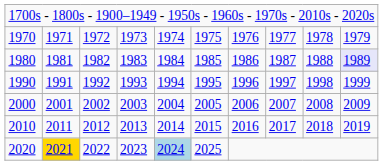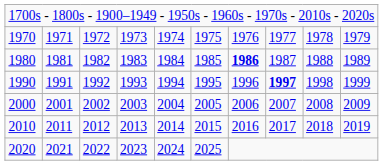 <table class="wikitable" style="margin: 1em auto 1em auto; font-size:95%">
 <tr>
 <td Colspan=10><a href='#'>1700s</a> - <a href='#'>1800s</a> - <a href='#'>1900–1949</a> - <a href='#'>1950s</a> - <a href='#'>1960s</a>  - <a href='#'>1970s</a> - <a href='#'>2010s</a> - <a href='#'>2020s</a></td>
 </tr>
 <tr>
 <td><a href='#'>1970</a></td>
 <td><a href='#'>1971</a></td>
 <td><a href='#'>1972</a></td>
 <td><a href='#'>1973</a></td>
 <td><a href='#'>1974</a></td>
 <td><a href='#'>1975</a></td>
 <td><a href='#'>1976</a></td>
 <td><a href='#'>1977</a></td>
 <td><a href='#'>1978</a></td>
 <td><a href='#'>1979</a></td>
 </tr>
 <tr>
 <td><a href='#'>1980</a></td>
 <td><a href='#'>1981</a></td>
 <td><a href='#'>1982</a></td>
 <td><a href='#'>1983</a></td>
 <td><a href='#'>1984</a></td>
 <td><a href='#'>1985</a></td>
-<td><a href='#'>1986</a></td>
+<td><strong><a href='#'>1986</a></strong></td>
 <td><a href='#'>1987</a></td>
 <td><a href='#'>1988</a></td>
-<td style="background: lavender;"><a href='#'>1989</a></td>
+<td><a href='#'>1989</a></td>
 </tr>
 <tr>
 <td><a href='#'>1990</a></td>
 <td><a href='#'>1991</a></td>
 <td><a href='#'>1992</a></td>
 <td><a href='#'>1993</a></td>
 <td><a href='#'>1994</a></td>
 <td><a href='#'>1995</a></td>
 <td><a href='#'>1996</a></td>
-<td><a href='#'>1997</a></td>
+<td><strong><a href='#'>1997</a></strong></td>
 <td><a href='#'>1998</a></td>
 <td><a href='#'>1999</a></td>
 </tr>
 <tr>
 <td><a href='#'>2000</a></td>
 <td><a href='#'>2001</a></td>
 <td><a href='#'>2002</a></td>
 <td><a href='#'>2003</a></td>
 <td><a href='#'>2004</a></td>
 <td><a href='#'>2005</a></td>
 <td><a href='#'>2006</a></td>
 <td><a href='#'>2007</a></td>
 <td><a href='#'>2008</a></td>
 <td><a href='#'>2009</a></td>
 </tr>
 <tr>
 <td><a href='#'>2010</a></td>
 <td><a href='#'>2011</a></td>
 <td><a href='#'>2012</a></td>
 <td><a href='#'>2013</a></td>
 <td><a href='#'>2014</a></td>
 <td><a href='#'>2015</a></td>
 <td><a href='#'>2016</a></td>
 <td><a href='#'>2017</a></td>
 <td><a href='#'>2018</a></td>
 <td><a href='#'>2019</a></td>
 </tr>
 <tr>
 <td><a href='#'>2020</a></td>
-<td style="background: gold;"><a href='#'>2021</a></td>
+<td><a href='#'>2021</a></td>
 <td><a href='#'>2022</a></td>
 <td><a href='#'>2023</a></td>
-<td style="background: lightblue;"><a href='#'>2024</a></td>
+<td><a href='#'>2024</a></td>
 <td><a href='#'>2025</a></td>
 </tr>
 </table>
